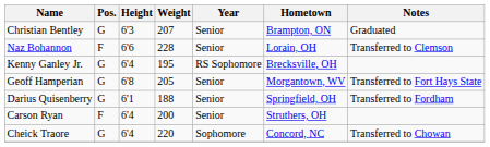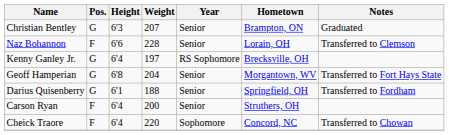 <table class="wikitable sortable" border="1">
 <tr align=center>
 <th>Name</th>
 <th>Pos.</th>
 <th>Height</th>
 <th>Weight</th>
 <th>Year</th>
 <th>Hometown</th>
 <th>Notes</th>
 </tr>
 <tr>
 <td>Christian Bentley</td>
 <td>G</td>
 <td>6'3</td>
 <td>207</td>
 <td>Senior</td>
 <td><a href='#'>Brampton, ON</a></td>
 <td>Graduated</td>
 </tr>
 <tr>
 <td><a href='#'>Naz Bohannon</a></td>
 <td>F</td>
 <td>6'6</td>
 <td>228</td>
 <td>Senior</td>
 <td><a href='#'>Lorain, OH</a></td>
 <td>Transferred to <a href='#'>Clemson</a></td>
 </tr>
 <tr>
 <td>Kenny Ganley Jr.</td>
 <td>G</td>
 <td>6'4</td>
-<td>195</td>
+<td>197</td>
 <td>RS Sophomore</td>
 <td><a href='#'>Brecksville, OH</a></td>
 <td></td>
 </tr>
 <tr>
 <td>Geoff Hamperian</td>
 <td>G</td>
 <td>6'8</td>
-<td>205</td>
+<td>204</td>
 <td>Senior</td>
 <td><a href='#'>Morgantown, WV</a></td>
 <td>Transferred to <a href='#'>Fort Hays State</a></td>
 </tr>
 <tr>
 <td>Darius Quisenberry</td>
 <td>G</td>
 <td>6'1</td>
 <td>188</td>
 <td>Senior</td>
 <td><a href='#'>Springfield, OH</a></td>
 <td>Transferred to <a href='#'>Fordham</a></td>
 </tr>
 <tr>
 <td>Carson Ryan</td>
 <td>F</td>
 <td>6'4</td>
 <td>200</td>
 <td>Senior</td>
 <td><a href='#'>Struthers, OH</a></td>
 <td></td>
 </tr>
 <tr>
 <td>Cheick Traore</td>
-<td>G</td>
+<td>F</td>
 <td>6'4</td>
 <td>220</td>
 <td>Sophomore</td>
 <td><a href='#'>Concord, NC</a></td>
 <td>Transferred to <a href='#'>Chowan</a></td>
 </tr>
 <tr>
 </tr>
 </table>
